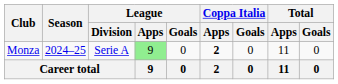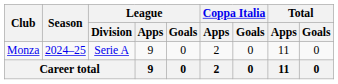 <table class="wikitable" style="text-align:center">
 <tr>
 <th rowspan="2">Club</th>
 <th rowspan="2">Season</th>
 <th colspan="3">League</th>
 <th colspan="2"><a href='#'>Coppa Italia</a></th>
 <th colspan="2">Total</th>
 </tr>
 <tr>
 <th>Division</th>
 <th>Apps</th>
 <th>Goals</th>
 <th>Apps</th>
 <th>Goals</th>
 <th>Apps</th>
 <th>Goals</th>
 </tr>
 <tr>
 <td><a href='#'>Monza</a></td>
 <td><a href='#'>2024–25</a></td>
 <td><a href='#'>Serie A</a></td>
-<td style="background: lightgreen;">9</td>
+<td>9</td>
 <td>0</td>
-<td><strong>2</strong></td>
+<td>2</td>
 <td>0</td>
 <td>11</td>
 <td>0</td>
 </tr>
 <tr>
 <th colspan="3">Career total</th>
 <th>9</th>
 <th>0</th>
 <th>2</th>
 <th>0</th>
 <th>11</th>
 <th>0</th>
 </tr>
 </table>
